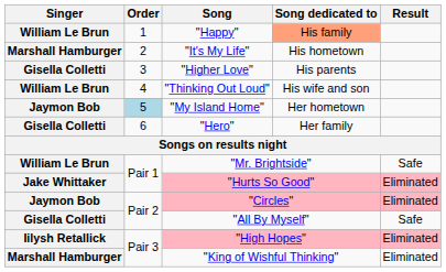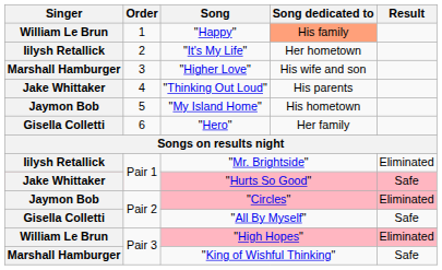 <table class="wikitable plainrowheaders" style="text-align:center;">
 <tr>
 <th scope="col">Singer</th>
 <th scope="col">Order</th>
 <th scope="col">Song</th>
 <th scope="col">Song dedicated to</th>
 <th scope="col">Result</th>
 </tr>
 <tr>
 <th>William Le Brun</th>
 <td>1</td>
 <td>"<a href='#'>Happy</a>"</td>
 <td style="background: lightsalmon;">His family</td>
 <td></td>
 </tr>
 <tr>
-<th>Marshall Hamburger</th>
+<th>Iilysh Retallick</th>
 <td>2</td>
 <td>"<a href='#'>It's My Life</a>"</td>
-<td>His hometown</td>
+<td>Her hometown</td>
 <td></td>
 </tr>
 <tr>
-<th>Gisella Colletti</th>
+<th>Marshall Hamburger</th>
 <td>3</td>
 <td>"<a href='#'>Higher Love</a>"</td>
+<td>His wife and son</td>
+<td></td>
+</tr>
+<tr>
+<th>Jake Whittaker</th>
+<td>4</td>
+<td>"<a href='#'>Thinking Out Loud</a>"</td>
 <td>His parents</td>
 <td></td>
 </tr>
 <tr>
-<th>William Le Brun</th>
-<td>4</td>
-<td>"<a href='#'>Thinking Out Loud</a>"</td>
-<td>His wife and son</td>
-<td></td>
-</tr>
-<tr>
 <th>Jaymon Bob</th>
-<td style="background: lightblue;">5</td>
+<td>5</td>
 <td>"<a href='#'>My Island Home</a>"</td>
-<td>Her hometown</td>
+<td>His hometown</td>
 <td></td>
 </tr>
 <tr>
 <th>Gisella Colletti</th>
 <td>6</td>
 <td>"<a href='#'>Hero</a>"</td>
 <td>Her family</td>
 <td></td>
 </tr>
 <tr>
 <th colspan="5">Songs on results night</th>
 </tr>
 <tr>
-<th>William Le Brun</th>
+<th>Iilysh Retallick</th>
 <td rowspan=2>Pair 1</td>
 <td colspan=2>"<a href='#'>Mr. Brightside</a>"</td>
-<td>Safe</td>
+<td>Eliminated</td>
 </tr>
 <tr style="background:lightpink">
 <th>Jake Whittaker</th>
 <td colspan=2>"<a href='#'>Hurts So Good</a>"</td>
-<td>Eliminated</td>
+<td>Safe</td>
 </tr>
 <tr>
 <th>Jaymon Bob</th>
 <td rowspan=2>Pair 2</td>
 <td style="background-color:lightpink" colspan=2>"<a href='#'>Circles</a>"</td>
 <td style="background-color:lightpink">Eliminated</td>
 </tr>
 <tr>
 <th>Gisella Colletti</th>
 <td colspan=2>"<a href='#'>All By Myself</a>"</td>
 <td>Safe</td>
 </tr>
 <tr>
-<th>Iilysh Retallick</th>
+<th>William Le Brun</th>
 <td rowspan=2>Pair 3</td>
 <td style="background-color:lightpink" colspan=2>"<a href='#'>High Hopes</a>"</td>
 <td style="background-color:lightpink">Eliminated</td>
 </tr>
 <tr>
 <th>Marshall Hamburger</th>
 <td colspan=2>"<a href='#'>King of Wishful Thinking</a>"</td>
-<td>Eliminated</td>
+<td>Safe</td>
 </tr>
 </table>
